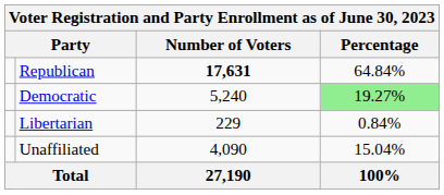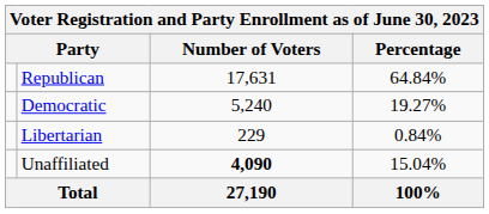 <table class=wikitable>
 <tr>
 <th colspan = 6>Voter Registration and Party Enrollment as of June 30, 2023</th>
 </tr>
 <tr>
 <th colspan = 2>Party</th>
 <th>Number of Voters</th>
 <th>Percentage</th>
 </tr>
 <tr>
 <td></td>
 <td><a href='#'>Republican</a></td>
-<td align = center><strong>17,631</strong></td>
+<td align = center>17,631</td>
 <td align = center>64.84%</td>
 </tr>
 <tr>
 <td></td>
 <td><a href='#'>Democratic</a></td>
 <td align = center>5,240</td>
-<td align = center style="background: lightgreen;">19.27%</td>
+<td align = center>19.27%</td>
 </tr>
 <tr>
 <td></td>
 <td><a href='#'>Libertarian</a></td>
 <td align = center>229</td>
 <td align = center>0.84%</td>
 </tr>
 <tr>
 <td></td>
 <td>Unaffiliated</td>
-<td align = center>4,090</td>
+<td align = center><strong>4,090</strong></td>
 <td align = center>15.04%</td>
 </tr>
 <tr>
 <th colspan = 2>Total</th>
 <th align = center>27,190</th>
 <th align = center>100%</th>
 </tr>
 </table>
